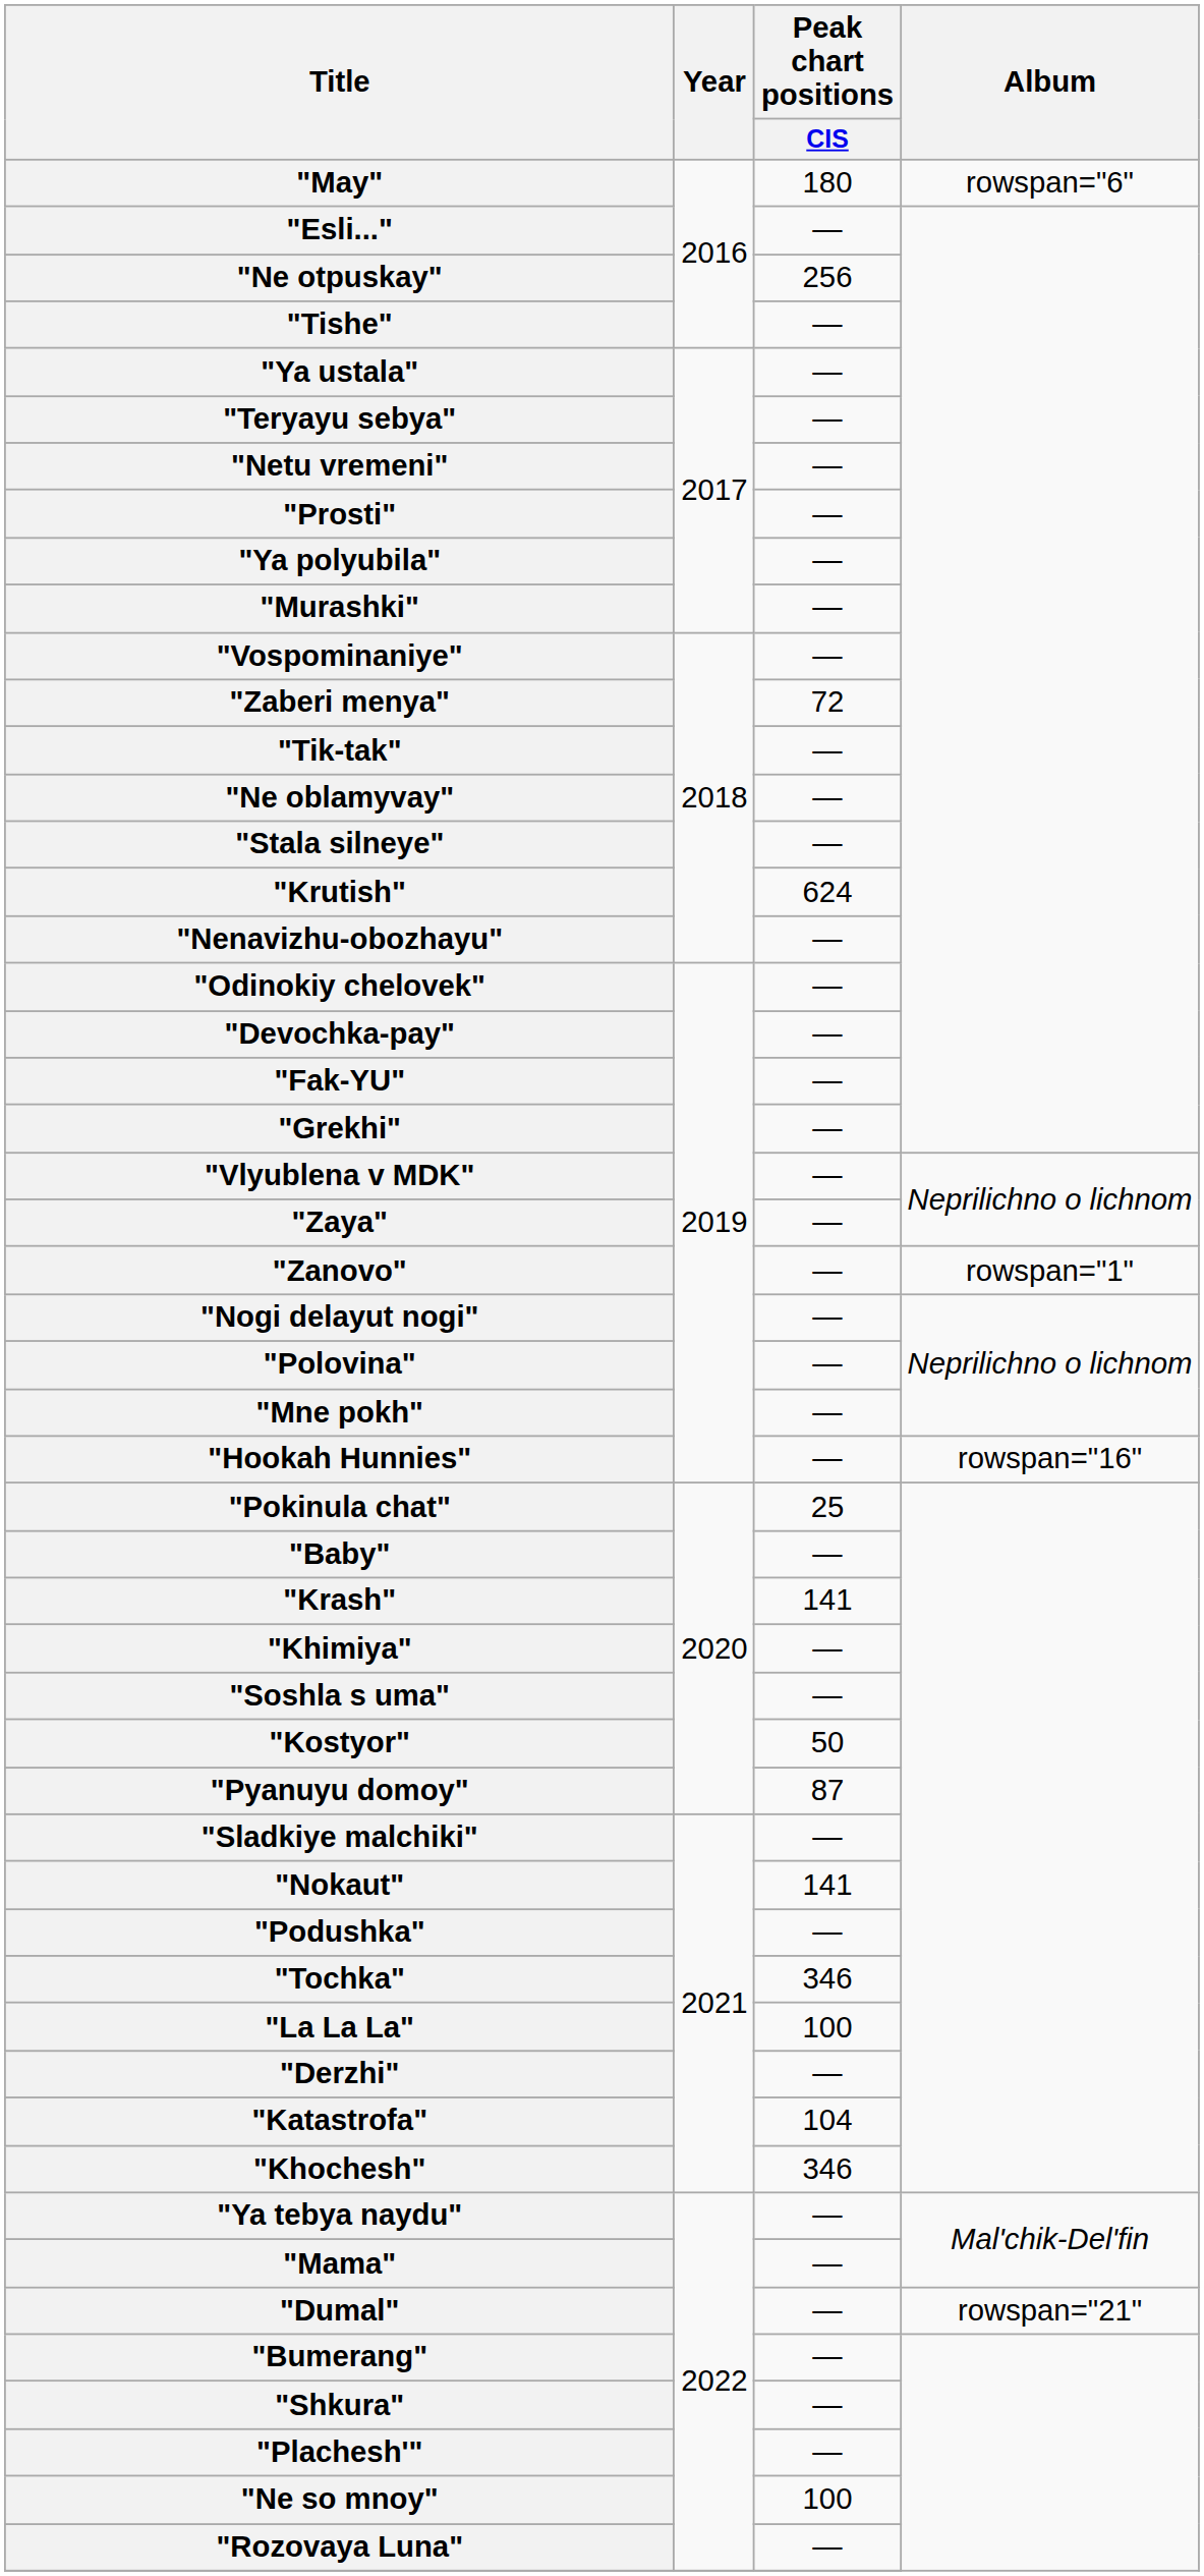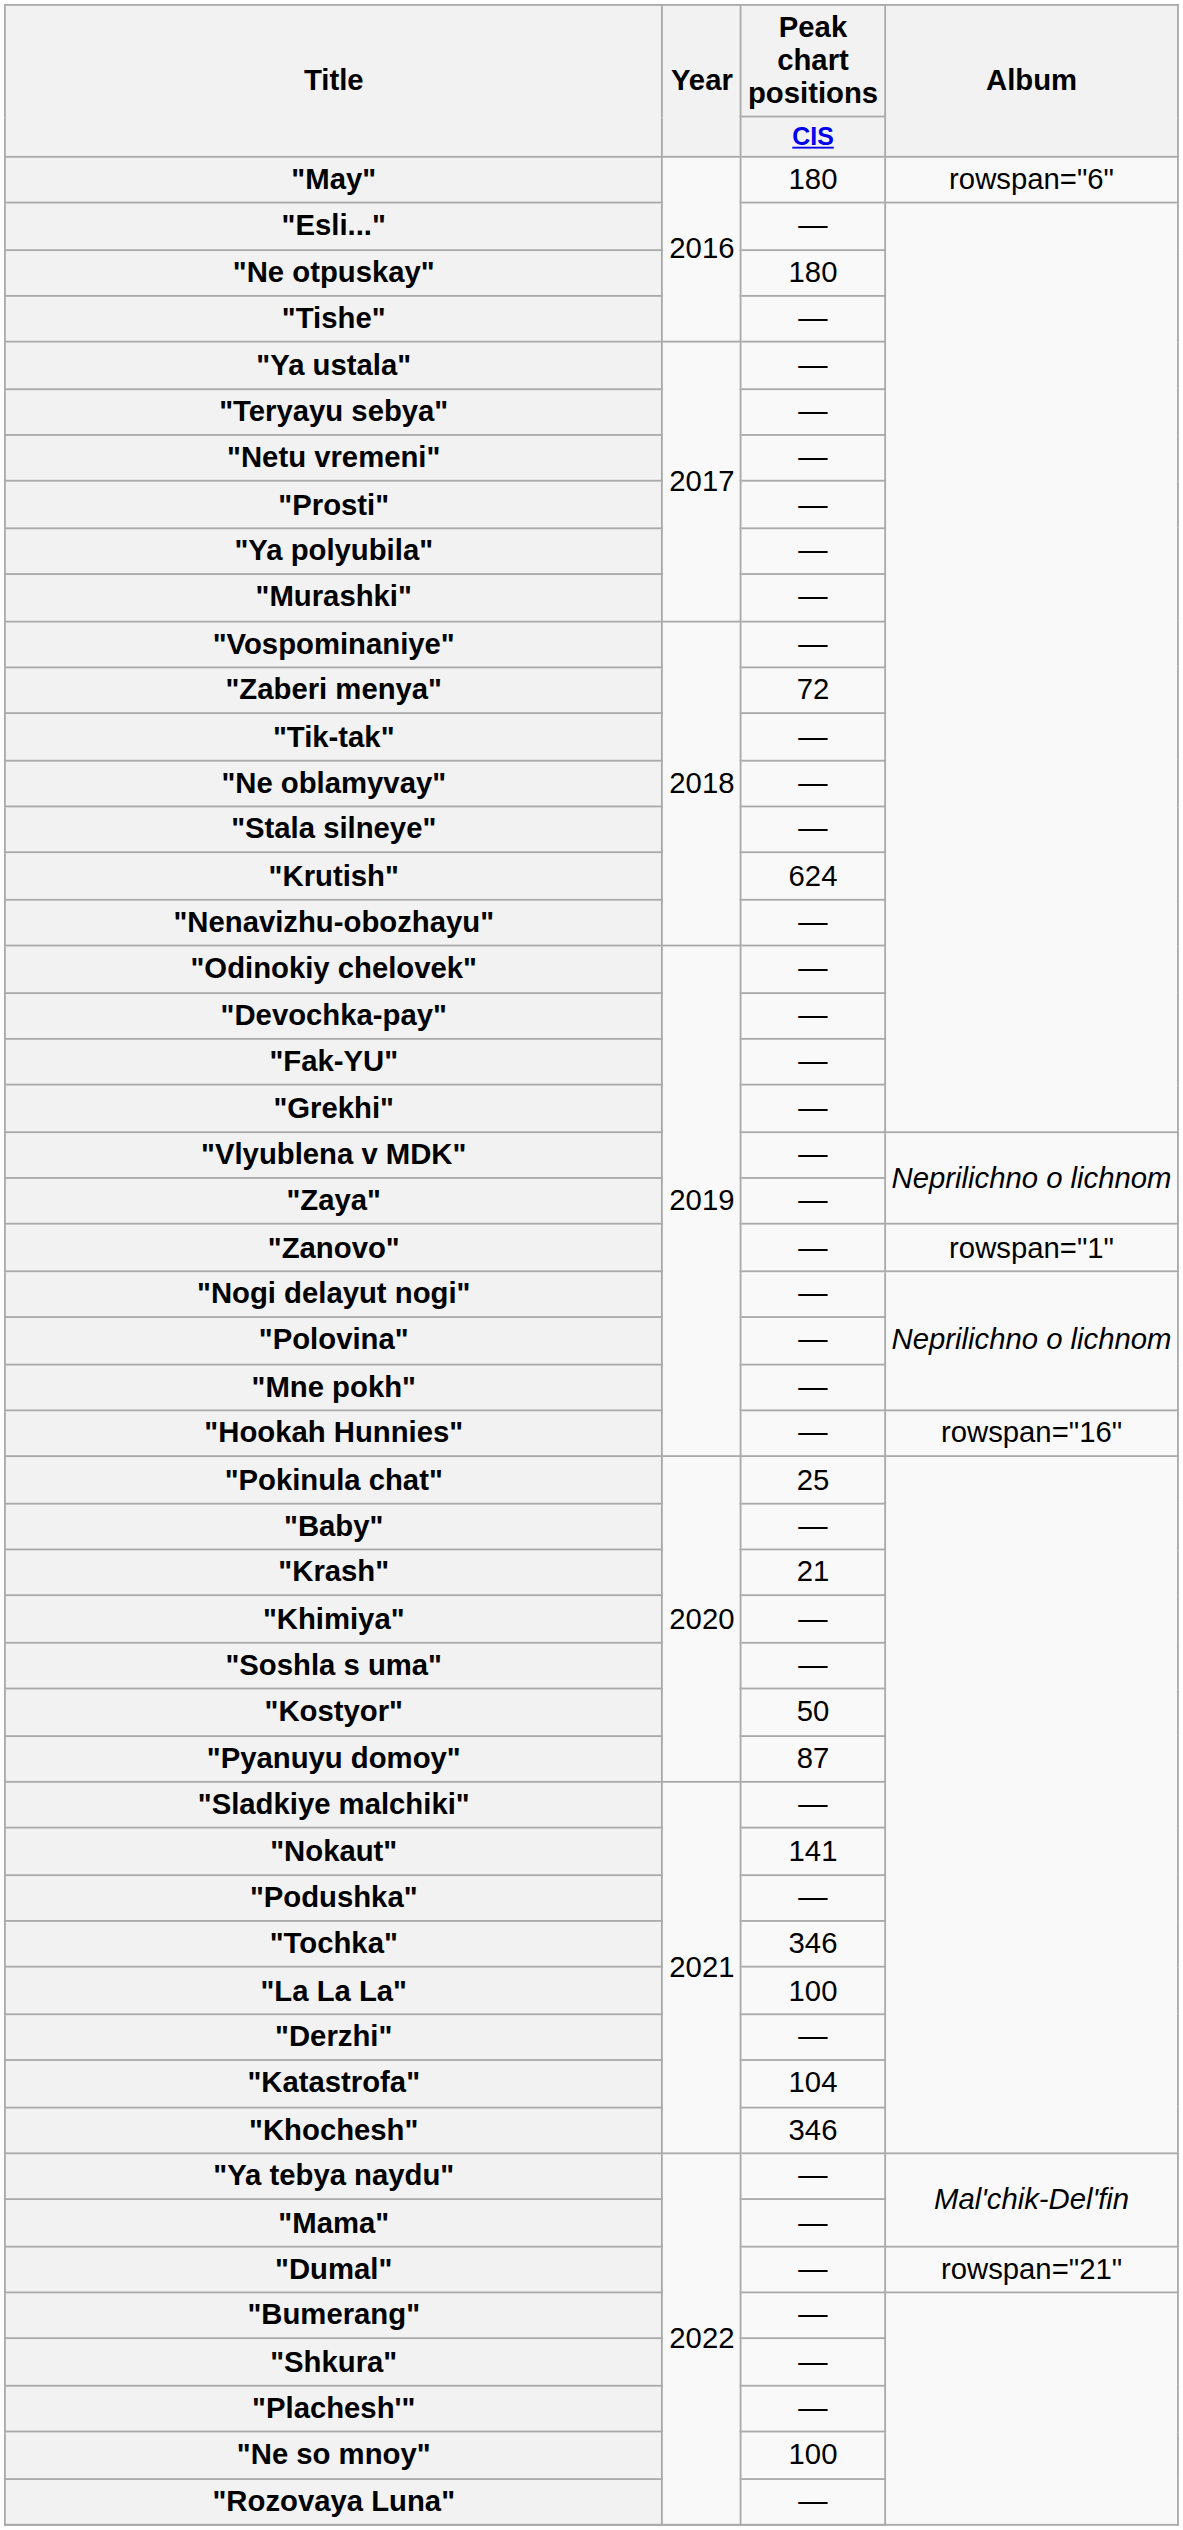 <table class="wikitable plainrowheaders" style="text-align:center;">
 <tr>
 <th scope="col" rowspan="2" style="width:22em;">Title</th>
 <th scope="col" rowspan="2" style="width:1em;">Year</th>
 <th scope="col" colspan="1">Peak chart positions</th>
 <th scope="col" rowspan="2">Album</th>
 </tr>
 <tr>
 <th scope="col" style="width:3em;font-size:85%;"><a href='#'>CIS</a><br></th>
 </tr>
 <tr>
 <th scope="row">"May"</th>
 <td rowspan=4>2016</td>
 <td>180</td>
 <td>rowspan="6" </td>
 </tr>
 <tr>
 <th scope="row">"Esli..."<br></th>
 <td>—</td>
 </tr>
 <tr>
 <th scope="row">"Ne otpuskay"</th>
-<td>256</td>
+<td>180</td>
 </tr>
 <tr>
 <th scope="row">"Tishe"</th>
 <td>—</td>
 </tr>
 <tr>
 <th scope="row">"Ya ustala"</th>
 <td rowspan=6>2017</td>
 <td>—</td>
 </tr>
 <tr>
 <th scope="row">"Teryayu sebya"<br></th>
 <td>—</td>
 </tr>
 <tr>
 <th scope="row">"Netu vremeni"</th>
 <td>—</td>
 </tr>
 <tr>
 <th scope="row">"Prosti"</th>
 <td>—</td>
 </tr>
 <tr>
 <th scope="row">"Ya polyubila"</th>
 <td>—</td>
 </tr>
 <tr>
 <th scope="row">"Murashki"</th>
 <td>—</td>
 </tr>
 <tr>
 <th scope="row">"Vospominaniye"</th>
 <td rowspan=7>2018</td>
 <td>—</td>
 </tr>
 <tr>
 <th scope="row">"Zaberi menya"</th>
 <td>72</td>
 </tr>
 <tr>
 <th scope="row">"Tik-tak"</th>
 <td>—</td>
 </tr>
 <tr>
 <th scope="row">"Ne oblamyvay"</th>
 <td>—</td>
 </tr>
 <tr>
 <th scope="row">"Stala silneye"</th>
 <td>—</td>
 </tr>
 <tr>
 <th scope="row">"Krutish"</th>
 <td>624</td>
 </tr>
 <tr>
 <th scope="row">"Nenavizhu-obozhayu"</th>
 <td>—</td>
 </tr>
 <tr>
 <th scope="row">"Odinokiy chelovek"</th>
 <td rowspan=11>2019</td>
 <td>—</td>
 </tr>
 <tr>
 <th scope="row">"Devochka-pay"<br></th>
 <td>—</td>
 </tr>
 <tr>
 <th scope="row">"Fak-YU"<br></th>
 <td>—</td>
 </tr>
 <tr>
 <th scope="row">"Grekhi"<br></th>
 <td>—</td>
 </tr>
 <tr>
 <th scope="row">"Vlyublena v MDK"</th>
 <td>—</td>
 <td rowspan="2"><em>Neprilichno o lichnom</em></td>
 </tr>
 <tr>
 <th scope="row">"Zaya"</th>
 <td>—</td>
 </tr>
 <tr>
 <th scope="row">"Zanovo"</th>
 <td>—</td>
 <td>rowspan="1" </td>
 </tr>
 <tr>
 <th scope="row">"Nogi delayut nogi"</th>
 <td>—</td>
 <td rowspan="3"><em>Neprilichno o lichnom</em></td>
 </tr>
 <tr>
 <th scope="row">"Polovina"</th>
 <td>—</td>
 </tr>
 <tr>
 <th scope="row">"Mne pokh"<br></th>
 <td>—</td>
 </tr>
 <tr>
 <th scope="row">"Hookah Hunnies"<br></th>
 <td>—</td>
 <td>rowspan="16" </td>
 </tr>
 <tr>
 <th scope="row">"Pokinula chat"</th>
 <td rowspan=7>2020</td>
 <td>25</td>
 </tr>
 <tr>
 <th scope="row">"Baby"</th>
 <td>—</td>
 </tr>
 <tr>
 <th scope="row">"Krash"<br></th>
-<td>141</td>
+<td>21</td>
 </tr>
 <tr>
 <th scope="row">"Khimiya"</th>
 <td>—</td>
 </tr>
 <tr>
 <th scope="row">"Soshla s uma"</th>
 <td>—</td>
 </tr>
 <tr>
 <th scope="row">"Kostyor"<br></th>
 <td>50</td>
 </tr>
 <tr>
 <th scope="row">"Pyanuyu domoy"</th>
 <td>87</td>
 </tr>
 <tr>
 <th scope="row">"Sladkiye malchiki"</th>
 <td rowspan=8>2021</td>
 <td>—</td>
 </tr>
 <tr>
 <th scope="row">"Nokaut"<br></th>
 <td>141</td>
 </tr>
 <tr>
 <th scope="row">"Podushka"</th>
 <td>—</td>
 </tr>
 <tr>
 <th scope="row">"Tochka"</th>
 <td>346</td>
 </tr>
 <tr>
 <th scope="row">"La La La"</th>
 <td>100</td>
 </tr>
 <tr>
 <th scope="row">"Derzhi"<br></th>
 <td>—</td>
 </tr>
 <tr>
 <th scope="row">"Katastrofa"</th>
 <td>104</td>
 </tr>
 <tr>
 <th scope="row">"Khochesh"<br></th>
 <td>346</td>
 </tr>
 <tr>
 <th scope="row">"Ya tebya naydu"</th>
 <td rowspan="8">2022</td>
 <td>—</td>
 <td rowspan="2"><em>Mal'chik-Del'fin</em></td>
 </tr>
 <tr>
 <th scope="row">"Mama"</th>
 <td>—</td>
 </tr>
 <tr>
 <th scope="row">"Dumal"<br></th>
 <td>—</td>
 <td>rowspan="21" </td>
 </tr>
 <tr>
 <th scope="row">"Bumerang"</th>
 <td>—</td>
 </tr>
 <tr>
 <th scope="row">"Shkura"<br></th>
 <td>—</td>
 </tr>
 <tr>
 <th scope="row">"Plachesh'"</th>
 <td>—</td>
 </tr>
 <tr>
 <th scope="row">"Ne so mnoy"</th>
 <td>100</td>
 </tr>
 <tr>
 <th scope="row">"Rozovaya Luna"<br></th>
 <td>—</td>
 </tr>
 <tr>
 </tr>
 </table>
